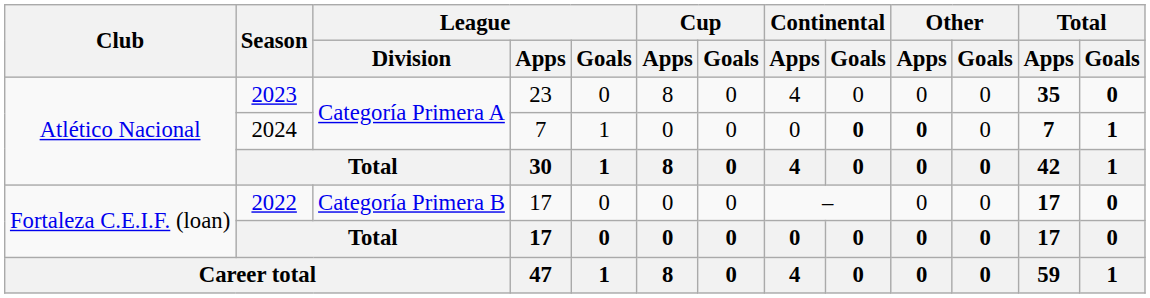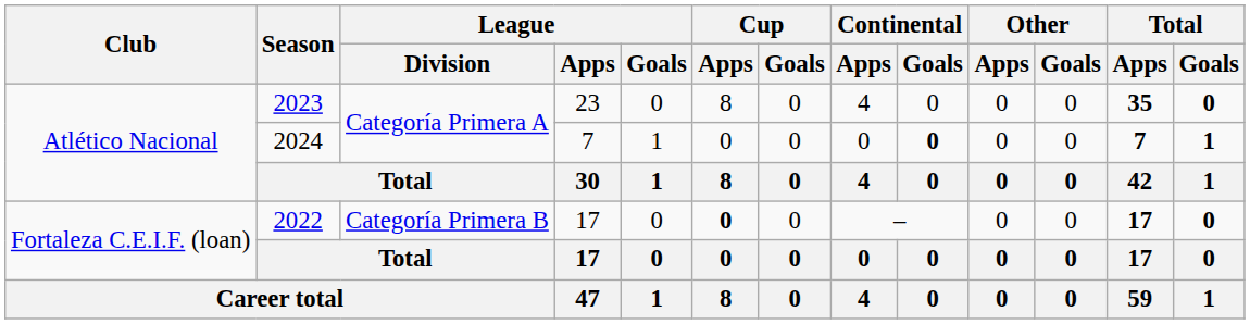 <table class="wikitable" style="text-align:center">
 <tr>
 <th rowspan="2">Club</th>
 <th rowspan="2">Season</th>
 <th colspan="3">League</th>
 <th colspan="2">Cup</th>
 <th colspan="2">Continental</th>
 <th colspan="2">Other</th>
 <th colspan="2">Total</th>
 </tr>
 <tr>
 <th>Division</th>
 <th>Apps</th>
 <th>Goals</th>
 <th>Apps</th>
 <th>Goals</th>
 <th>Apps</th>
 <th>Goals</th>
 <th>Apps</th>
 <th>Goals</th>
 <th>Apps</th>
 <th>Goals</th>
 </tr>
 <tr>
 <td rowspan="3"><a href='#'>Atlético Nacional</a></td>
 <td><a href='#'>2023</a></td>
 <td rowspan="2"><a href='#'>Categoría Primera A</a></td>
 <td>23</td>
 <td>0</td>
 <td>8</td>
 <td>0</td>
 <td>4</td>
 <td>0</td>
 <td>0</td>
 <td>0</td>
 <td><strong>35</strong></td>
 <td><strong>0</strong></td>
 </tr>
 <tr>
 <td>2024</td>
 <td>7</td>
 <td>1</td>
 <td>0</td>
 <td>0</td>
 <td>0</td>
 <td><strong>0</strong></td>
-<td><strong>0</strong></td>
+<td>0</td>
 <td>0</td>
 <td><strong>7</strong></td>
 <td><strong>1</strong></td>
 </tr>
 <tr>
 <th colspan="2"><strong>Total</strong></th>
 <th>30</th>
 <th>1</th>
 <th>8</th>
 <th>0</th>
 <th>4</th>
 <th>0</th>
 <th>0</th>
 <th>0</th>
 <th>42</th>
 <th>1</th>
 </tr>
 <tr>
 <td rowspan="2"><a href='#'>Fortaleza C.E.I.F.</a> (loan)</td>
 <td><a href='#'>2022</a></td>
 <td><a href='#'>Categoría Primera B</a></td>
 <td>17</td>
 <td>0</td>
-<td>0</td>
+<td><strong>0</strong></td>
 <td>0</td>
 <td colspan="2">–</td>
 <td>0</td>
 <td>0</td>
 <td><strong>17</strong></td>
 <td><strong>0</strong></td>
 </tr>
 <tr>
 <th colspan="2">Total</th>
 <th>17</th>
 <th>0</th>
 <th>0</th>
 <th>0</th>
 <th>0</th>
 <th>0</th>
 <th>0</th>
 <th>0</th>
 <th>17</th>
 <th>0</th>
 </tr>
 <tr>
 <th colspan="3"><strong>Career total</strong></th>
 <th>47</th>
 <th>1</th>
 <th>8</th>
 <th>0</th>
 <th>4</th>
 <th>0</th>
 <th>0</th>
 <th>0</th>
 <th>59</th>
 <th>1</th>
 </tr>
 </table>
